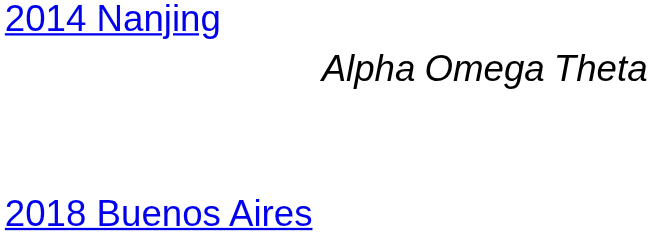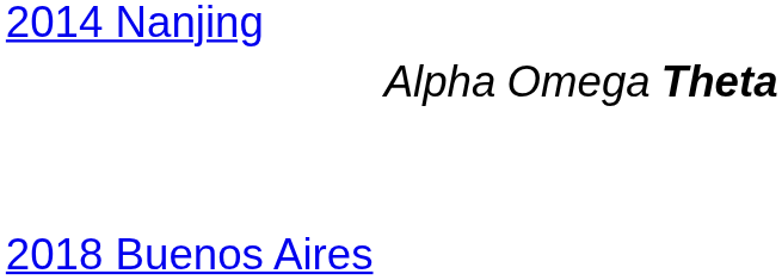 <table>
 <tr>
 <td><a href='#'>2014 Nanjing</a><br></td>
 <td> <br></td>
 <td> <br></td>
 <td> <br></td>
 </tr>
 <tr>
 <td><a href='#'>2018 Buenos Aires</a><br></td>
 <td><em>Alpha</em><br><br><br><br><br><br><br><br></td>
 <td><em>Omega</em><br><br><br><br><br><br><br><br></td>
-<td><em>Theta</em><br><br><br><br><br><br><br><br></td>
+<td><strong><em>Theta</em><br><br><br><br><br><br><br><br></strong></td>
 </tr>
 </table>
